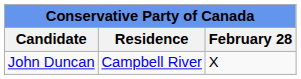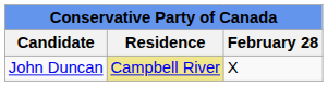 <table class="wikitable">
 <tr>
 <td align="center" bgcolor="cornflowerblue" colspan=3><strong>Conservative Party of Canada</strong></td>
 </tr>
 <tr>
 <th align="left">Candidate</th>
 <th align="center">Residence</th>
 <th align="left">February 28</th>
 </tr>
 <tr>
 <td><a href='#'>John Duncan</a></td>
-<td><a href='#'>Campbell River</a></td>
+<td style="background: khaki;"><a href='#'>Campbell River</a></td>
 <td>X</td>
 </tr>
 </table>
